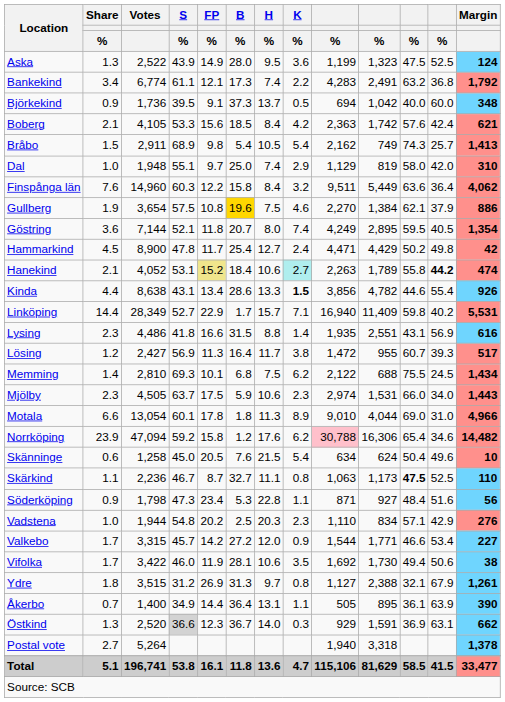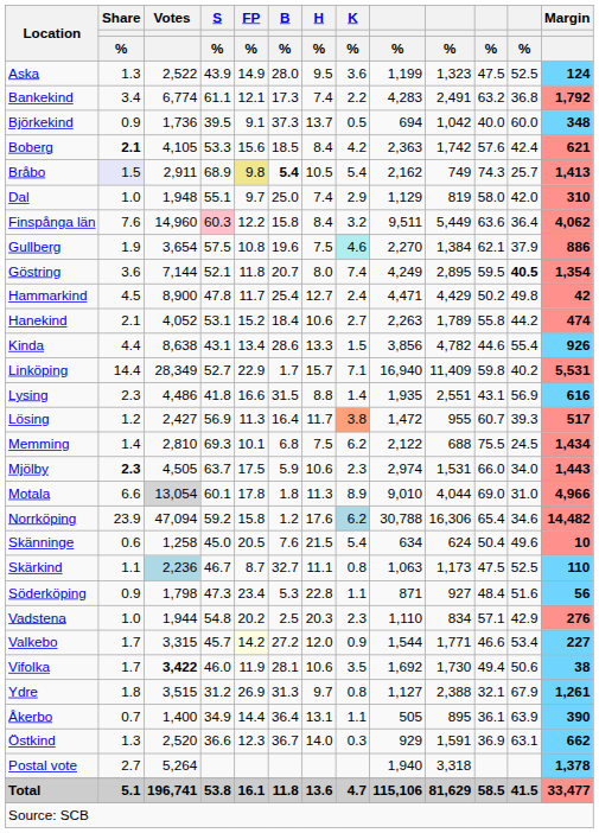 <table class="wikitable sortable" style="text-align:right; font-size:95%; line-height:20px;">
 <tr>
 <th rowspan="3">Location</th>
 <th>Share</th>
 <th>Votes</th>
 <th width="30px" class="unsortable"><a href='#'>S</a></th>
 <th width="30px" class="unsortable"><a href='#'>FP</a></th>
 <th width="30px" class="unsortable"><a href='#'>B</a></th>
 <th width="30px" class="unsortable"><a href='#'>H</a></th>
 <th width="30px" class="unsortable"><a href='#'>K</a></th>
 <th></th>
 <th></th>
 <th></th>
 <th></th>
 <th>Margin</th>
 </tr>
 <tr>
 <th></th>
 <th></th>
 <th style="background:"></th>
 <th style="background:"></th>
 <th style="background:"></th>
 <th style="background:"></th>
 <th style="background:"></th>
 <th style="background:"></th>
 <th style="background:"></th>
 <th style="background:"></th>
 <th style="background:"></th>
 <th></th>
 </tr>
 <tr>
 <th data-sort-type="number">%</th>
 <th></th>
 <th data-sort-type="number">%</th>
 <th data-sort-type="number">%</th>
 <th data-sort-type="number">%</th>
 <th data-sort-type="number">%</th>
 <th data-sort-type="number">%</th>
 <th data-sort-type="number">%</th>
 <th data-sort-type="number">%</th>
 <th data-sort-type="number">%</th>
 <th data-sort-type="number">%</th>
 <th data-sort-type="number"></th>
 </tr>
 <tr>
 <td align=left><a href='#'>Aska</a></td>
 <td>1.3</td>
 <td>2,522</td>
 <td>43.9</td>
 <td>14.9</td>
 <td>28.0</td>
 <td>9.5</td>
 <td>3.6</td>
 <td>1,199</td>
 <td>1,323</td>
 <td>47.5</td>
 <td>52.5</td>
 <td bgcolor=#6fd5fe><strong>124</strong></td>
 </tr>
 <tr>
 <td align=left><a href='#'>Bankekind</a></td>
 <td>3.4</td>
 <td>6,774</td>
 <td>61.1</td>
 <td>12.1</td>
 <td>17.3</td>
 <td>7.4</td>
 <td>2.2</td>
 <td>4,283</td>
 <td>2,491</td>
 <td>63.2</td>
 <td>36.8</td>
 <td bgcolor=#ff908c><strong>1,792</strong></td>
 </tr>
 <tr>
 <td align=left><a href='#'>Björkekind</a></td>
 <td>0.9</td>
 <td>1,736</td>
 <td>39.5</td>
 <td>9.1</td>
 <td>37.3</td>
 <td>13.7</td>
 <td>0.5</td>
 <td>694</td>
 <td>1,042</td>
 <td>40.0</td>
 <td>60.0</td>
 <td bgcolor=#6fd5fe><strong>348</strong></td>
 </tr>
 <tr>
 <td align=left><a href='#'>Boberg</a></td>
-<td>2.1</td>
+<td><strong>2.1</strong></td>
 <td>4,105</td>
 <td>53.3</td>
 <td>15.6</td>
 <td>18.5</td>
 <td>8.4</td>
 <td>4.2</td>
 <td>2,363</td>
 <td>1,742</td>
 <td>57.6</td>
 <td>42.4</td>
 <td bgcolor=#ff908c><strong>621</strong></td>
 </tr>
 <tr>
 <td align=left><a href='#'>Bråbo</a></td>
-<td>1.5</td>
+<td style="background: lavender;">1.5</td>
 <td>2,911</td>
 <td>68.9</td>
-<td>9.8</td>
-<td>5.4</td>
+<td style="background: khaki;">9.8</td>
+<td><strong>5.4</strong></td>
 <td>10.5</td>
 <td>5.4</td>
 <td>2,162</td>
 <td>749</td>
 <td>74.3</td>
 <td>25.7</td>
 <td bgcolor=#ff908c><strong>1,413</strong></td>
 </tr>
 <tr>
 <td align=left><a href='#'>Dal</a></td>
 <td>1.0</td>
 <td>1,948</td>
 <td>55.1</td>
 <td>9.7</td>
 <td>25.0</td>
 <td>7.4</td>
 <td>2.9</td>
 <td>1,129</td>
 <td>819</td>
 <td>58.0</td>
 <td>42.0</td>
 <td bgcolor=#ff908c><strong>310</strong></td>
 </tr>
 <tr>
 <td align=left><a href='#'>Finspånga län</a></td>
 <td>7.6</td>
 <td>14,960</td>
-<td>60.3</td>
+<td style="background: pink;">60.3</td>
 <td>12.2</td>
 <td>15.8</td>
 <td>8.4</td>
 <td>3.2</td>
 <td>9,511</td>
 <td>5,449</td>
 <td>63.6</td>
 <td>36.4</td>
 <td bgcolor=#ff908c><strong>4,062</strong></td>
 </tr>
 <tr>
 <td align=left><a href='#'>Gullberg</a></td>
 <td>1.9</td>
 <td>3,654</td>
 <td>57.5</td>
 <td>10.8</td>
-<td style="background: gold;">19.6</td>
+<td>19.6</td>
 <td>7.5</td>
-<td>4.6</td>
+<td style="background: paleturquoise;">4.6</td>
 <td>2,270</td>
 <td>1,384</td>
 <td>62.1</td>
 <td>37.9</td>
 <td bgcolor=#ff908c><strong>886</strong></td>
 </tr>
 <tr>
 <td align=left><a href='#'>Göstring</a></td>
 <td>3.6</td>
 <td>7,144</td>
 <td>52.1</td>
 <td>11.8</td>
 <td>20.7</td>
 <td>8.0</td>
 <td>7.4</td>
 <td>4,249</td>
 <td>2,895</td>
 <td>59.5</td>
-<td>40.5</td>
+<td><strong>40.5</strong></td>
 <td bgcolor=#ff908c><strong>1,354</strong></td>
 </tr>
 <tr>
 <td align=left><a href='#'>Hammarkind</a></td>
 <td>4.5</td>
 <td>8,900</td>
 <td>47.8</td>
 <td>11.7</td>
 <td>25.4</td>
 <td>12.7</td>
 <td>2.4</td>
 <td>4,471</td>
 <td>4,429</td>
 <td>50.2</td>
 <td>49.8</td>
 <td bgcolor=#ff908c><strong>42</strong></td>
 </tr>
 <tr>
 <td align=left><a href='#'>Hanekind</a></td>
 <td>2.1</td>
 <td>4,052</td>
 <td>53.1</td>
-<td style="background: khaki;">15.2</td>
+<td>15.2</td>
 <td>18.4</td>
 <td>10.6</td>
-<td style="background: paleturquoise;">2.7</td>
+<td>2.7</td>
 <td>2,263</td>
 <td>1,789</td>
 <td>55.8</td>
-<td><strong>44.2</strong></td>
+<td>44.2</td>
 <td bgcolor=#ff908c><strong>474</strong></td>
 </tr>
 <tr>
 <td align=left><a href='#'>Kinda</a></td>
 <td>4.4</td>
 <td>8,638</td>
 <td>43.1</td>
 <td>13.4</td>
 <td>28.6</td>
 <td>13.3</td>
-<td><strong>1.5</strong></td>
+<td>1.5</td>
 <td>3,856</td>
 <td>4,782</td>
 <td>44.6</td>
 <td>55.4</td>
 <td bgcolor=#6fd5fe><strong>926</strong></td>
 </tr>
 <tr>
 <td align=left><a href='#'>Linköping</a></td>
 <td>14.4</td>
 <td>28,349</td>
 <td>52.7</td>
 <td>22.9</td>
 <td>1.7</td>
 <td>15.7</td>
 <td>7.1</td>
 <td>16,940</td>
 <td>11,409</td>
 <td>59.8</td>
 <td>40.2</td>
 <td bgcolor=#ff908c><strong>5,531</strong></td>
 </tr>
 <tr>
 <td align=left><a href='#'>Lysing</a></td>
 <td>2.3</td>
 <td>4,486</td>
 <td>41.8</td>
 <td>16.6</td>
 <td>31.5</td>
 <td>8.8</td>
 <td>1.4</td>
 <td>1,935</td>
 <td>2,551</td>
 <td>43.1</td>
 <td>56.9</td>
 <td bgcolor=#6fd5fe><strong>616</strong></td>
 </tr>
 <tr>
 <td align=left><a href='#'>Lösing</a></td>
 <td>1.2</td>
 <td>2,427</td>
 <td>56.9</td>
 <td>11.3</td>
 <td>16.4</td>
 <td>11.7</td>
-<td>3.8</td>
+<td style="background: lightsalmon;">3.8</td>
 <td>1,472</td>
 <td>955</td>
 <td>60.7</td>
 <td>39.3</td>
 <td bgcolor=#ff908c><strong>517</strong></td>
 </tr>
 <tr>
 <td align=left><a href='#'>Memming</a></td>
 <td>1.4</td>
 <td>2,810</td>
 <td>69.3</td>
 <td>10.1</td>
 <td>6.8</td>
 <td>7.5</td>
 <td>6.2</td>
 <td>2,122</td>
 <td>688</td>
 <td>75.5</td>
 <td>24.5</td>
 <td bgcolor=#ff908c><strong>1,434</strong></td>
 </tr>
 <tr>
 <td align=left><a href='#'>Mjölby</a></td>
-<td>2.3</td>
+<td><strong>2.3</strong></td>
 <td>4,505</td>
 <td>63.7</td>
 <td>17.5</td>
 <td>5.9</td>
 <td>10.6</td>
 <td>2.3</td>
 <td>2,974</td>
 <td>1,531</td>
 <td>66.0</td>
 <td>34.0</td>
 <td bgcolor=#ff908c><strong>1,443</strong></td>
 </tr>
 <tr>
 <td align=left><a href='#'>Motala</a></td>
 <td>6.6</td>
-<td>13,054</td>
+<td style="background: lightgrey;">13,054</td>
 <td>60.1</td>
 <td>17.8</td>
 <td>1.8</td>
 <td>11.3</td>
 <td>8.9</td>
 <td>9,010</td>
 <td>4,044</td>
 <td>69.0</td>
 <td>31.0</td>
 <td bgcolor=#ff908c><strong>4,966</strong></td>
 </tr>
 <tr>
 <td align=left><a href='#'>Norrköping</a></td>
 <td>23.9</td>
 <td>47,094</td>
 <td>59.2</td>
 <td>15.8</td>
 <td>1.2</td>
 <td>17.6</td>
-<td>6.2</td>
-<td style="background: pink;">30,788</td>
+<td style="background: lightblue;">6.2</td>
+<td>30,788</td>
 <td>16,306</td>
 <td>65.4</td>
 <td>34.6</td>
 <td bgcolor=#ff908c><strong>14,482</strong></td>
 </tr>
 <tr>
 <td align=left><a href='#'>Skänninge</a></td>
 <td>0.6</td>
 <td>1,258</td>
 <td>45.0</td>
 <td>20.5</td>
 <td>7.6</td>
 <td>21.5</td>
 <td>5.4</td>
 <td>634</td>
 <td>624</td>
 <td>50.4</td>
 <td>49.6</td>
 <td bgcolor=#ff908c><strong>10</strong></td>
 </tr>
 <tr>
 <td align=left><a href='#'>Skärkind</a></td>
 <td>1.1</td>
-<td>2,236</td>
+<td style="background: lightblue;">2,236</td>
 <td>46.7</td>
 <td>8.7</td>
 <td>32.7</td>
 <td>11.1</td>
 <td>0.8</td>
 <td>1,063</td>
 <td>1,173</td>
-<td><strong>47.5</strong></td>
+<td>47.5</td>
 <td>52.5</td>
 <td bgcolor=#6fd5fe><strong>110</strong></td>
 </tr>
 <tr>
 <td align=left><a href='#'>Söderköping</a></td>
 <td>0.9</td>
 <td>1,798</td>
 <td>47.3</td>
 <td>23.4</td>
 <td>5.3</td>
 <td>22.8</td>
 <td>1.1</td>
 <td>871</td>
 <td>927</td>
 <td>48.4</td>
 <td>51.6</td>
 <td bgcolor=#6fd5fe><strong>56</strong></td>
 </tr>
 <tr>
 <td align=left><a href='#'>Vadstena</a></td>
 <td>1.0</td>
 <td>1,944</td>
 <td>54.8</td>
 <td>20.2</td>
 <td>2.5</td>
 <td>20.3</td>
 <td>2.3</td>
 <td>1,110</td>
 <td>834</td>
 <td>57.1</td>
 <td>42.9</td>
 <td bgcolor=#ff908c><strong>276</strong></td>
 </tr>
 <tr>
 <td align=left><a href='#'>Valkebo</a></td>
 <td>1.7</td>
 <td>3,315</td>
 <td>45.7</td>
-<td>14.2</td>
+<td style="background: lightyellow;">14.2</td>
 <td>27.2</td>
 <td>12.0</td>
 <td>0.9</td>
 <td>1,544</td>
 <td>1,771</td>
 <td>46.6</td>
 <td>53.4</td>
 <td bgcolor=#6fd5fe><strong>227</strong></td>
 </tr>
 <tr>
 <td align=left><a href='#'>Vifolka</a></td>
 <td>1.7</td>
-<td>3,422</td>
+<td><strong>3,422</strong></td>
 <td>46.0</td>
 <td>11.9</td>
 <td>28.1</td>
 <td>10.6</td>
 <td>3.5</td>
 <td>1,692</td>
 <td>1,730</td>
 <td>49.4</td>
 <td>50.6</td>
 <td bgcolor=#6fd5fe><strong>38</strong></td>
 </tr>
 <tr>
 <td align=left><a href='#'>Ydre</a></td>
 <td>1.8</td>
 <td>3,515</td>
 <td>31.2</td>
 <td>26.9</td>
 <td>31.3</td>
 <td>9.7</td>
 <td>0.8</td>
 <td>1,127</td>
 <td>2,388</td>
 <td>32.1</td>
 <td>67.9</td>
 <td bgcolor=#6fd5fe><strong>1,261</strong></td>
 </tr>
 <tr>
 <td align=left><a href='#'>Åkerbo</a></td>
 <td>0.7</td>
 <td>1,400</td>
 <td>34.9</td>
 <td>14.4</td>
 <td>36.4</td>
 <td>13.1</td>
 <td>1.1</td>
 <td>505</td>
 <td>895</td>
 <td>36.1</td>
 <td>63.9</td>
 <td bgcolor=#6fd5fe><strong>390</strong></td>
 </tr>
 <tr>
 <td align=left><a href='#'>Östkind</a></td>
 <td>1.3</td>
 <td>2,520</td>
-<td style="background: lightgrey;">36.6</td>
+<td>36.6</td>
 <td>12.3</td>
 <td>36.7</td>
 <td>14.0</td>
 <td>0.3</td>
 <td>929</td>
 <td>1,591</td>
 <td>36.9</td>
 <td>63.1</td>
 <td bgcolor=#6fd5fe><strong>662</strong></td>
 </tr>
 <tr>
 <td align=left><a href='#'>Postal vote</a></td>
 <td>2.7</td>
 <td>5,264</td>
 <td></td>
 <td></td>
 <td></td>
 <td></td>
 <td></td>
 <td>1,940</td>
 <td>3,318</td>
 <td></td>
 <td></td>
 <td bgcolor=#6fd5fe><strong>1,378</strong></td>
 </tr>
 <tr>
 </tr>
 <tr style="background:#CDCDCD;">
 <td align=left><strong>Total</strong></td>
 <td><strong>5.1</strong></td>
 <td><strong>196,741</strong></td>
 <td><strong>53.8</strong></td>
 <td><strong>16.1</strong></td>
 <td><strong>11.8</strong></td>
 <td><strong>13.6</strong></td>
 <td><strong>4.7</strong></td>
 <td><strong>115,106</strong></td>
 <td><strong>81,629</strong></td>
 <td><strong>58.5</strong></td>
 <td><strong>41.5</strong></td>
 <td bgcolor=#ff908c><strong>33,477</strong></td>
 </tr>
 <tr>
 <td align=left colspan=13>Source: SCB </td>
 </tr>
 </table>
